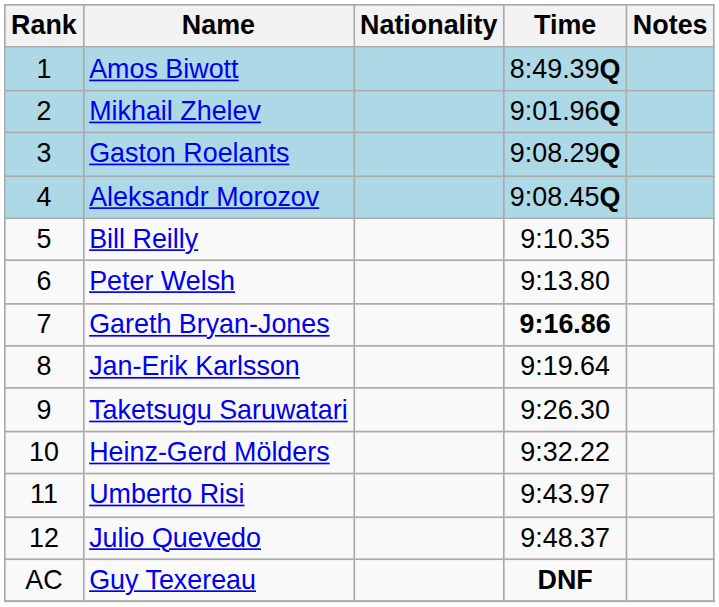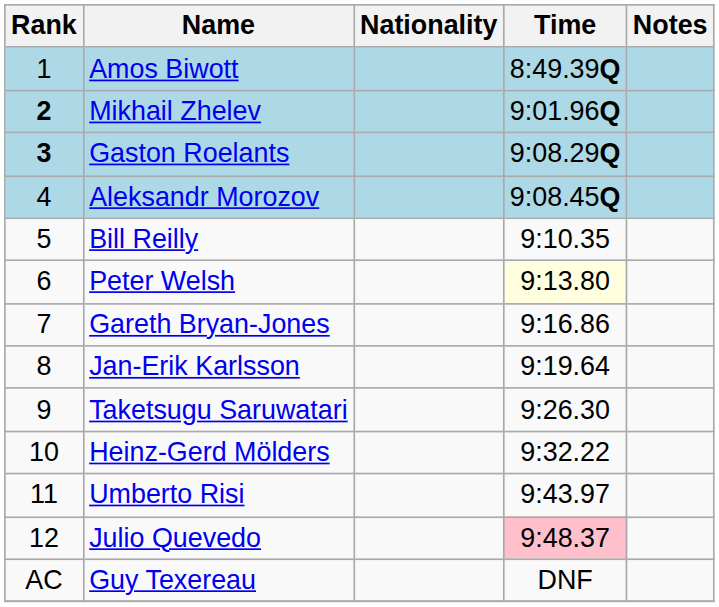 <table class="wikitable sortable" style="text-align:center">
 <tr>
 <th>Rank</th>
 <th>Name</th>
 <th>Nationality</th>
 <th>Time</th>
 <th>Notes</th>
 </tr>
 <tr bgcolor=lightblue>
 <td>1</td>
 <td align=left><a href='#'>Amos Biwott</a></td>
 <td align=left></td>
 <td>8:49.39<strong>Q</strong></td>
 <td></td>
 </tr>
 <tr bgcolor=lightblue>
-<td>2</td>
+<td><strong>2</strong></td>
 <td align=left><a href='#'>Mikhail Zhelev</a></td>
 <td align=left></td>
 <td>9:01.96<strong>Q</strong></td>
 <td></td>
 </tr>
 <tr bgcolor=lightblue>
-<td>3</td>
+<td><strong>3</strong></td>
 <td align=left><a href='#'>Gaston Roelants</a></td>
 <td align=left></td>
 <td>9:08.29<strong>Q</strong></td>
 <td></td>
 </tr>
 <tr bgcolor=lightblue>
 <td>4</td>
 <td align=left><a href='#'>Aleksandr Morozov</a></td>
 <td align=left></td>
 <td>9:08.45<strong>Q</strong></td>
 <td></td>
 </tr>
 <tr>
 <td>5</td>
 <td align=left><a href='#'>Bill Reilly</a></td>
 <td align=left></td>
 <td>9:10.35</td>
 <td></td>
 </tr>
 <tr>
 <td>6</td>
 <td align=left><a href='#'>Peter Welsh</a></td>
 <td align=left></td>
-<td>9:13.80</td>
+<td style="background: lightyellow;">9:13.80</td>
 <td></td>
 </tr>
 <tr>
 <td>7</td>
 <td align=left><a href='#'>Gareth Bryan-Jones</a></td>
 <td align=left></td>
-<td><strong>9:16.86</strong></td>
+<td>9:16.86</td>
 <td></td>
 </tr>
 <tr>
 <td>8</td>
 <td align=left><a href='#'>Jan-Erik Karlsson</a></td>
 <td align=left></td>
 <td>9:19.64</td>
 <td></td>
 </tr>
 <tr>
 <td>9</td>
 <td align=left><a href='#'>Taketsugu Saruwatari</a></td>
 <td align=left></td>
 <td>9:26.30</td>
 <td></td>
 </tr>
 <tr>
 <td>10</td>
 <td align=left><a href='#'>Heinz-Gerd Mölders</a></td>
 <td align=left></td>
 <td>9:32.22</td>
 <td></td>
 </tr>
 <tr>
 <td>11</td>
 <td align=left><a href='#'>Umberto Risi</a></td>
 <td align=left></td>
 <td>9:43.97</td>
 <td></td>
 </tr>
 <tr>
 <td>12</td>
 <td align=left><a href='#'>Julio Quevedo</a></td>
 <td align=left></td>
-<td>9:48.37</td>
+<td style="background: pink;">9:48.37</td>
 <td></td>
 </tr>
 <tr>
 <td>AC</td>
 <td align=left><a href='#'>Guy Texereau</a></td>
 <td align=left></td>
-<td><strong>DNF</strong></td>
+<td>DNF</td>
 <td></td>
 </tr>
 <tr>
 </tr>
 </table>
